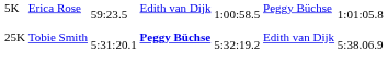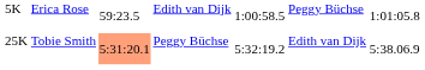 <table>
 <tr>
 <td>5K <br>  </td>
 <td><a href='#'>Erica Rose</a> <small><br>   </small></td>
 <td>59:23.5</td>
 <td><a href='#'>Edith van Dijk</a> <small><br>   </small></td>
 <td>1:00:58.5</td>
 <td><a href='#'>Peggy Büchse</a> <small><br>   </small></td>
 <td>1:01:05.8</td>
 </tr>
 <tr>
 <td>25K <br>  </td>
 <td><a href='#'>Tobie Smith</a> <small><br>   </small></td>
-<td>5:31:20.1</td>
-<td><strong><a href='#'>Peggy Büchse</a> <small><br>   </small></strong></td>
+<td style="background: lightsalmon;">5:31:20.1</td>
+<td><a href='#'>Peggy Büchse</a> <small><br>   </small></td>
 <td>5:32:19.2</td>
 <td><a href='#'>Edith van Dijk</a> <small><br>   </small></td>
 <td>5:38.06.9</td>
 </tr>
 </table>
